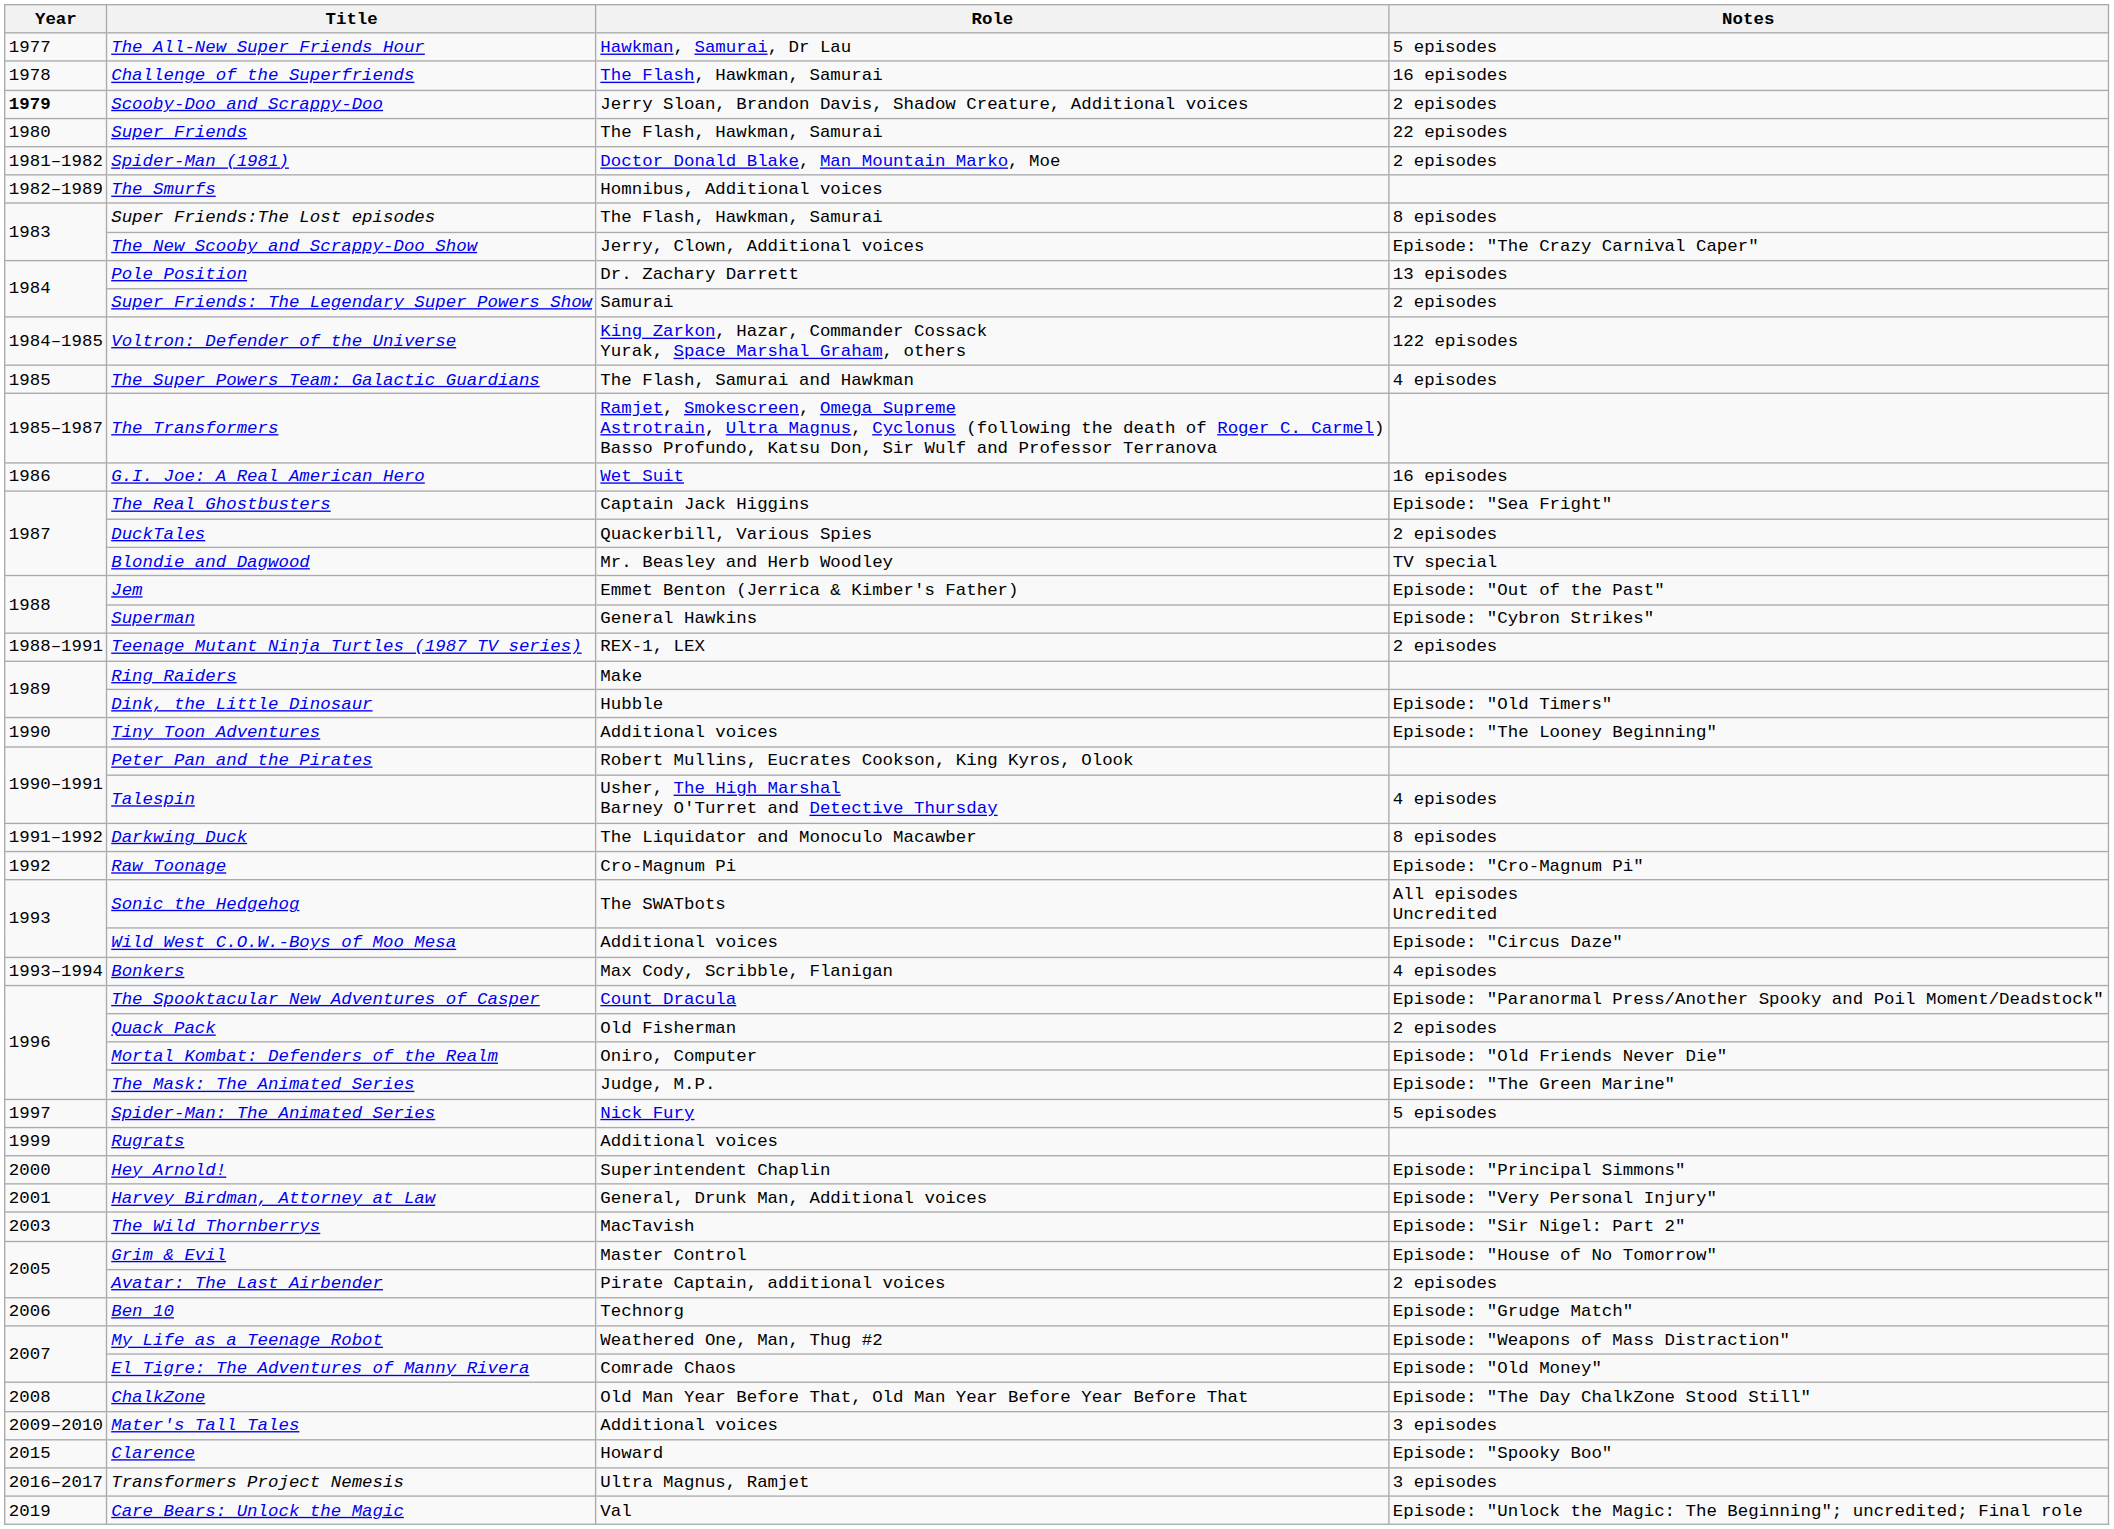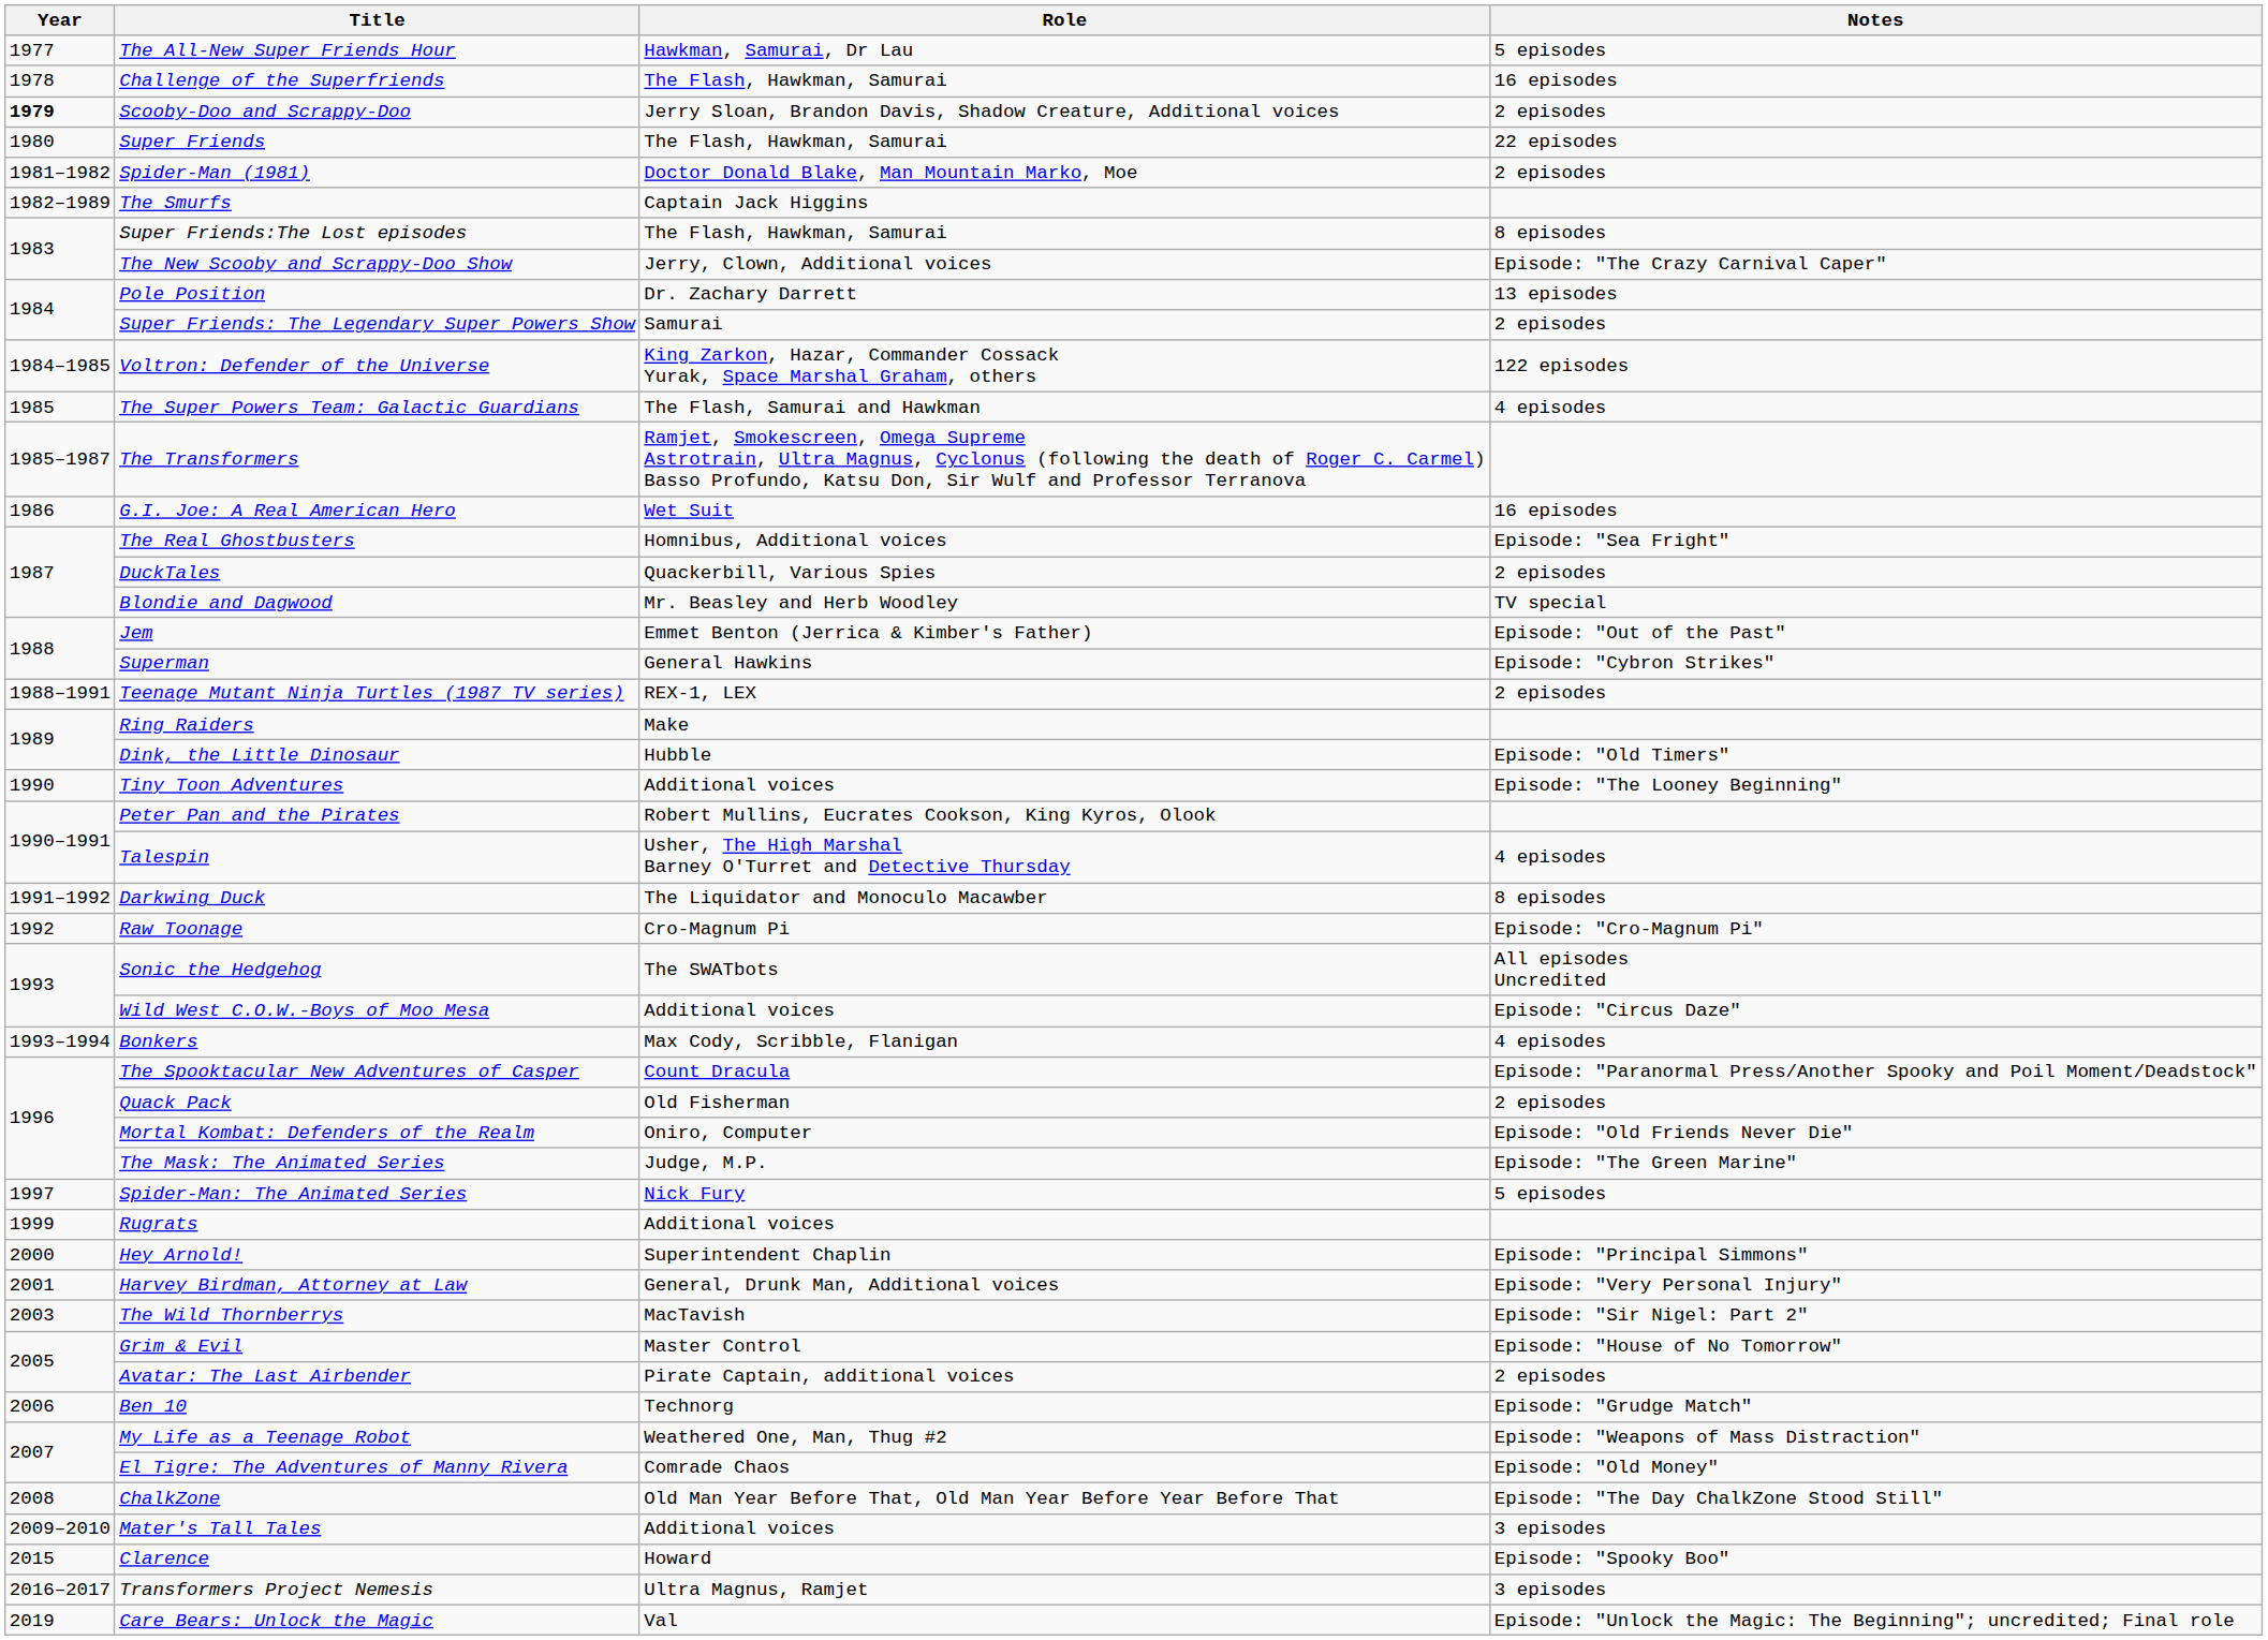 <table class="wikitable sortable plainrowheaders">
 <tr>
 <th>Year</th>
 <th>Title</th>
 <th>Role</th>
 <th>Notes</th>
 </tr>
 <tr>
 <td>1977</td>
 <td><em><a href='#'>The All-New Super Friends Hour</a></em></td>
 <td><a href='#'>Hawkman</a>, <a href='#'>Samurai</a>, Dr Lau</td>
 <td>5 episodes</td>
 </tr>
 <tr>
 <td>1978</td>
 <td><em><a href='#'>Challenge of the Superfriends</a></em></td>
 <td><a href='#'>The Flash</a>, Hawkman, Samurai</td>
 <td>16 episodes</td>
 </tr>
 <tr>
 <td><strong>1979</strong></td>
 <td><em><a href='#'>Scooby-Doo and Scrappy-Doo</a></em></td>
 <td>Jerry Sloan, Brandon Davis, Shadow Creature, Additional voices</td>
 <td>2 episodes</td>
 </tr>
 <tr>
 <td>1980</td>
 <td><em><a href='#'>Super Friends</a></em></td>
 <td>The Flash, Hawkman, Samurai</td>
 <td>22 episodes</td>
 </tr>
 <tr>
 <td>1981–1982</td>
 <td><em><a href='#'>Spider-Man (1981)</a></em></td>
 <td><a href='#'>Doctor Donald Blake</a>, <a href='#'>Man Mountain Marko</a>, Moe</td>
 <td>2 episodes</td>
 </tr>
 <tr>
 <td>1982–1989</td>
 <td><em><a href='#'>The Smurfs</a></em></td>
-<td>Homnibus, Additional voices</td>
+<td>Captain Jack Higgins</td>
 <td></td>
 </tr>
 <tr>
 <td rowspan="2">1983</td>
 <td><em>Super Friends:The Lost episodes</em></td>
 <td>The Flash, Hawkman, Samurai</td>
 <td>8 episodes</td>
 </tr>
 <tr>
 <td><em><a href='#'>The New Scooby and Scrappy-Doo Show</a></em></td>
 <td>Jerry, Clown, Additional voices</td>
 <td>Episode: "The Crazy Carnival Caper"</td>
 </tr>
 <tr>
 <td rowspan="2">1984</td>
 <td><em><a href='#'>Pole Position</a></em></td>
 <td>Dr. Zachary Darrett</td>
 <td>13 episodes</td>
 </tr>
 <tr>
 <td><em><a href='#'>Super Friends: The Legendary Super Powers Show</a></em></td>
 <td>Samurai</td>
 <td>2 episodes</td>
 </tr>
 <tr>
 <td>1984–1985</td>
 <td><em><a href='#'>Voltron: Defender of the Universe</a></em></td>
 <td><a href='#'>King Zarkon</a>, Hazar, Commander Cossack<br> Yurak, <a href='#'>Space Marshal Graham</a>, others</td>
 <td>122 episodes</td>
 </tr>
 <tr>
 <td>1985</td>
 <td><em><a href='#'>The Super Powers Team: Galactic Guardians</a></em></td>
 <td>The Flash, Samurai and Hawkman</td>
 <td>4 episodes</td>
 </tr>
 <tr>
 <td>1985–1987</td>
 <td><em><a href='#'>The Transformers</a></em></td>
 <td><a href='#'>Ramjet</a>, <a href='#'>Smokescreen</a>, <a href='#'>Omega Supreme</a><br> <a href='#'>Astrotrain</a>, <a href='#'>Ultra Magnus</a>, <a href='#'>Cyclonus</a> (following the death of <a href='#'>Roger C. Carmel</a>)<br> Basso Profundo, Katsu Don, Sir Wulf and Professor Terranova</td>
 <td></td>
 </tr>
 <tr>
 <td>1986</td>
 <td><em><a href='#'>G.I. Joe: A Real American Hero</a></em></td>
 <td><a href='#'>Wet Suit</a></td>
 <td>16 episodes</td>
 </tr>
 <tr>
 <td rowspan="3">1987</td>
 <td><em><a href='#'>The Real Ghostbusters</a></em></td>
-<td>Captain Jack Higgins</td>
+<td>Homnibus, Additional voices</td>
 <td>Episode: "Sea Fright"</td>
 </tr>
 <tr>
 <td><em><a href='#'>DuckTales</a></em></td>
 <td>Quackerbill, Various Spies</td>
 <td>2 episodes</td>
 </tr>
 <tr>
 <td><em><a href='#'>Blondie and Dagwood</a></em></td>
 <td>Mr. Beasley and Herb Woodley</td>
 <td>TV special</td>
 </tr>
 <tr>
 <td rowspan="2">1988</td>
 <td><em><a href='#'>Jem</a></em></td>
 <td>Emmet Benton (Jerrica & Kimber's Father)</td>
 <td>Episode: "Out of the Past"</td>
 </tr>
 <tr>
 <td><em><a href='#'>Superman</a></em></td>
 <td>General Hawkins</td>
 <td>Episode: "Cybron Strikes"</td>
 </tr>
 <tr>
 <td>1988–1991</td>
 <td><em><a href='#'>Teenage Mutant Ninja Turtles (1987 TV series)</a></em></td>
 <td>REX-1, LEX</td>
 <td>2 episodes</td>
 </tr>
 <tr>
 <td rowspan="2">1989</td>
 <td><em><a href='#'>Ring Raiders</a></em></td>
 <td>Make</td>
 <td></td>
 </tr>
 <tr>
 <td><em><a href='#'>Dink, the Little Dinosaur</a></em></td>
 <td>Hubble</td>
 <td>Episode: "Old Timers"</td>
 </tr>
 <tr>
 <td>1990</td>
 <td><em><a href='#'>Tiny Toon Adventures</a></em></td>
 <td>Additional voices</td>
 <td>Episode: "The Looney Beginning"</td>
 </tr>
 <tr>
 <td rowspan="2">1990–1991</td>
 <td><em><a href='#'>Peter Pan and the Pirates</a></em></td>
 <td>Robert Mullins, Eucrates Cookson, King Kyros, Olook</td>
 <td></td>
 </tr>
 <tr>
 <td><em><a href='#'>Talespin</a></em></td>
 <td>Usher, <a href='#'>The High Marshal</a><br> Barney O'Turret and <a href='#'>Detective Thursday</a></td>
 <td>4 episodes</td>
 </tr>
 <tr>
 <td>1991–1992</td>
 <td><em><a href='#'>Darkwing Duck</a></em></td>
 <td>The Liquidator and Monoculo Macawber</td>
 <td>8 episodes</td>
 </tr>
 <tr>
 <td>1992</td>
 <td><em><a href='#'>Raw Toonage</a></em></td>
 <td>Cro-Magnum Pi</td>
 <td>Episode: "Cro-Magnum Pi"</td>
 </tr>
 <tr>
 <td rowspan="2">1993</td>
 <td><em><a href='#'>Sonic the Hedgehog</a></em></td>
 <td>The SWATbots</td>
 <td>All episodes <br> Uncredited</td>
 </tr>
 <tr>
 <td><em><a href='#'>Wild West C.O.W.-Boys of Moo Mesa</a></em></td>
 <td>Additional voices</td>
 <td>Episode: "Circus Daze"</td>
 </tr>
 <tr>
 <td>1993–1994</td>
 <td><em><a href='#'>Bonkers</a></em></td>
 <td>Max Cody, Scribble, Flanigan</td>
 <td>4 episodes</td>
 </tr>
 <tr>
 <td rowspan="4">1996</td>
 <td><em><a href='#'>The Spooktacular New Adventures of Casper</a></em></td>
 <td><a href='#'>Count Dracula</a></td>
 <td>Episode: "Paranormal Press/Another Spooky and Poil Moment/Deadstock"</td>
 </tr>
 <tr>
 <td><em><a href='#'>Quack Pack</a></em></td>
 <td>Old Fisherman</td>
 <td>2 episodes</td>
 </tr>
 <tr>
 <td><em><a href='#'>Mortal Kombat: Defenders of the Realm</a></em></td>
 <td>Oniro, Computer</td>
 <td>Episode: "Old Friends Never Die"</td>
 </tr>
 <tr>
 <td><em><a href='#'>The Mask: The Animated Series</a></em></td>
 <td>Judge, M.P.</td>
 <td>Episode: "The Green Marine"</td>
 </tr>
 <tr>
 <td>1997</td>
 <td><em><a href='#'>Spider-Man: The Animated Series</a></em></td>
 <td><a href='#'>Nick Fury</a></td>
 <td>5 episodes</td>
 </tr>
 <tr>
 <td>1999</td>
 <td><em><a href='#'>Rugrats</a></em></td>
 <td>Additional voices</td>
 <td></td>
 </tr>
 <tr>
 <td>2000</td>
 <td><em><a href='#'>Hey Arnold!</a></em></td>
 <td>Superintendent Chaplin</td>
 <td>Episode: "Principal Simmons"</td>
 </tr>
 <tr>
 <td>2001</td>
 <td><em><a href='#'>Harvey Birdman, Attorney at Law</a></em></td>
 <td>General, Drunk Man, Additional voices</td>
 <td>Episode: "Very Personal Injury"</td>
 </tr>
 <tr>
 <td>2003</td>
 <td><em><a href='#'>The Wild Thornberrys</a></em></td>
 <td>MacTavish</td>
 <td>Episode: "Sir Nigel: Part 2"</td>
 </tr>
 <tr>
 <td rowspan="2">2005</td>
 <td><em><a href='#'>Grim & Evil</a></em></td>
 <td>Master Control</td>
 <td>Episode: "House of No Tomorrow"</td>
 </tr>
 <tr>
 <td><em><a href='#'>Avatar: The Last Airbender</a></em></td>
 <td>Pirate Captain, additional voices</td>
 <td>2 episodes</td>
 </tr>
 <tr>
 <td>2006</td>
 <td><em><a href='#'>Ben 10</a></em></td>
 <td>Technorg</td>
 <td>Episode: "Grudge Match"</td>
 </tr>
 <tr>
 <td rowspan="2">2007</td>
 <td><em><a href='#'>My Life as a Teenage Robot</a></em></td>
 <td>Weathered One, Man, Thug #2</td>
 <td>Episode: "Weapons of Mass Distraction"</td>
 </tr>
 <tr>
 <td><em><a href='#'>El Tigre: The Adventures of Manny Rivera</a></em></td>
 <td>Comrade Chaos</td>
 <td>Episode: "Old Money"</td>
 </tr>
 <tr>
 <td>2008</td>
 <td><em><a href='#'>ChalkZone</a></em></td>
 <td>Old Man Year Before That, Old Man Year Before Year Before That</td>
 <td>Episode: "The Day ChalkZone Stood Still"</td>
 </tr>
 <tr>
 <td>2009–2010</td>
 <td><em><a href='#'>Mater's Tall Tales</a></em></td>
 <td>Additional voices</td>
 <td>3 episodes</td>
 </tr>
 <tr>
 <td>2015</td>
 <td><em><a href='#'>Clarence</a></em></td>
 <td>Howard</td>
 <td>Episode: "Spooky Boo"</td>
 </tr>
 <tr>
 <td>2016–2017</td>
 <td><em>Transformers Project Nemesis</em></td>
 <td>Ultra Magnus, Ramjet</td>
 <td>3 episodes</td>
 </tr>
 <tr>
 <td>2019</td>
 <td><em><a href='#'>Care Bears: Unlock the Magic</a></em></td>
 <td>Val</td>
 <td>Episode: "Unlock the Magic: The Beginning"; uncredited; Final role</td>
 </tr>
 </table>
